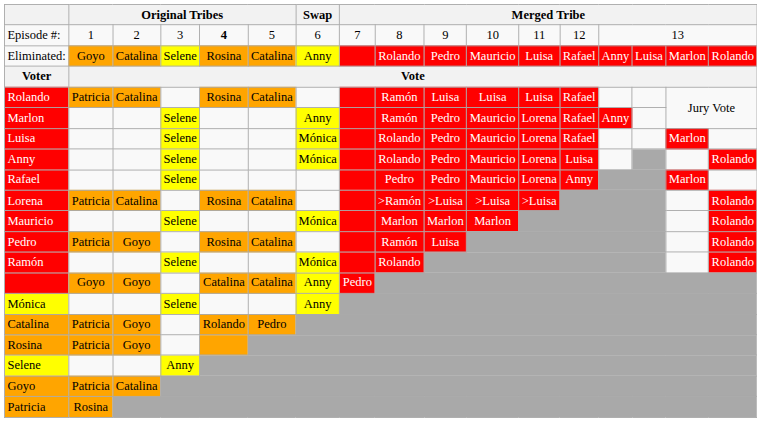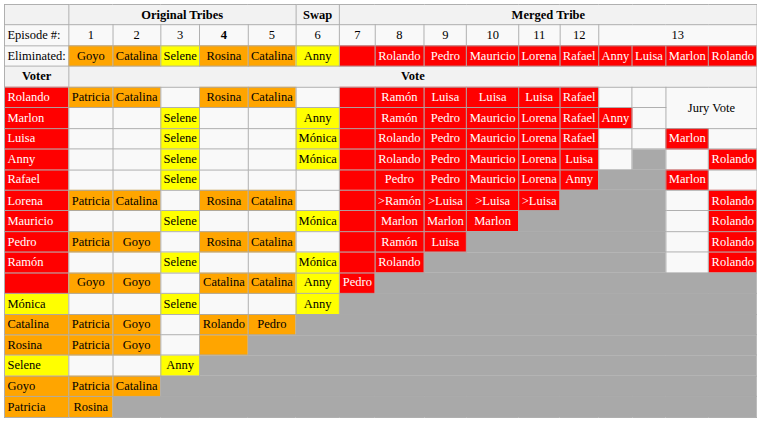 <table class="wikitable" style="font-size:85%; margin:auto;">
 <tr>
 <th></th>
 <th colspan="5" style="text-align:center">Original Tribes</th>
 <th colspan="1" style="text-align:center">Swap</th>
 <th colspan="10" style="text-align:center">Merged Tribe</th>
 </tr>
 <tr>
 <td>Episode #:</td>
 <td style="text-align:center">1</td>
 <td style="text-align:center">2</td>
 <td style="text-align:center">3</td>
 <td style="text-align:center"><strong>4</strong></td>
 <td style="text-align:center">5</td>
 <td style="text-align:center">6</td>
 <td style="text-align:center">7</td>
 <td style="text-align:center">8</td>
 <td style="text-align:center">9</td>
 <td style="text-align:center">10</td>
 <td style="text-align:center">11</td>
 <td style="text-align:center">12</td>
 <td style="text-align:center" colspan="4">13</td>
 </tr>
 <tr>
 <td>Eliminated:</td>
 <td style="text-align:center; background:orange">Goyo</td>
 <td style="text-align:center; background:orange">Catalina</td>
 <td style="text-align:center; background:yellow">Selene<br></td>
 <td style="text-align:center; background:orange">Rosina<br></td>
 <td style="text-align:center; background:orange">Catalina<br></td>
 <td style="text-align:center; background:yellow">Anny</td>
 <td style="text-align:center; background:red;color:white;"><br></td>
 <td style="text-align:center; background:red;color:white;">Rolando</td>
 <td style="text-align:center; background:red;color:white;">Pedro<br></td>
 <td style="text-align:center; background:red;color:white;">Mauricio<br></td>
-<td style="text-align:center; background:red;color:white;">Luisa</td>
+<td style="text-align:center; background:red;color:white;">Lorena<br></td>
 <td style="text-align:center; background:red;color:white;">Rafael<br></td>
 <td style="text-align:center; background:red;color:white;">Anny<br></td>
 <td style="text-align:center; background:red;color:white;">Luisa<br></td>
 <td style="text-align:center; background:red;color:white;">Marlon<br></td>
 <td style="text-align:center; background:red;color:white;">Rolando<br></td>
 </tr>
 <tr>
 <th>Voter</th>
 <th colspan="17" style="text-align:center">Vote</th>
 </tr>
 <tr>
 <td style="background:red;color:white;">Rolando</td>
 <td style="text-align:center; background:orange">Patricia</td>
 <td style="text-align:center; background:orange">Catalina</td>
 <td></td>
 <td style="text-align:center; background:orange">Rosina</td>
 <td style="text-align:center; background:orange">Catalina</td>
 <td></td>
 <td style="text-align:center; background:red;color:white;"></td>
 <td style="text-align:center; background:red;color:white;">Ramón</td>
 <td style="text-align:center; background:red;color:white;">Luisa</td>
 <td style="text-align:center; background:red;color:white;">Luisa</td>
 <td style="text-align:center; background:red;color:white;">Luisa</td>
 <td style="text-align:center; background:red;color:white;">Rafael</td>
 <td></td>
 <td></td>
 <td colspan="2" rowspan="2" style="text-align:center">Jury Vote</td>
 </tr>
 <tr>
 <td style="background:red;color:white;">Marlon</td>
 <td></td>
 <td></td>
 <td style="text-align:center; background:yellow">Selene</td>
 <td></td>
 <td></td>
 <td style="text-align:center; background:yellow">Anny</td>
 <td style="text-align:center; background:red;color:white;"></td>
 <td style="text-align:center; background:red;color:white;">Ramón</td>
 <td style="text-align:center; background:red;color:white;">Pedro</td>
 <td style="text-align:center; background:red;color:white;">Mauricio</td>
 <td style="text-align:center; background:red;color:white;">Lorena</td>
 <td style="text-align:center; background:red;color:white;">Rafael</td>
 <td style="text-align:center; background:red;color:white;">Anny</td>
 <td></td>
 </tr>
 <tr>
 <td style="background:red;color:white;">Luisa</td>
 <td></td>
 <td></td>
 <td style="text-align:center; background:yellow">Selene</td>
 <td></td>
 <td></td>
 <td style="text-align:center; background:yellow">Mónica</td>
 <td style="text-align:center; background:red;color:white;"></td>
 <td style="text-align:center; background:red;color:white;">Rolando</td>
 <td style="text-align:center; background:red;color:white;">Pedro</td>
 <td style="text-align:center; background:red;color:white;">Mauricio</td>
 <td style="text-align:center; background:red;color:white;">Lorena</td>
 <td style="text-align:center; background:red;color:white;">Rafael</td>
 <td></td>
 <td></td>
 <td style="text-align:center; background:red;color:white;">Marlon</td>
 <td></td>
 </tr>
 <tr>
 <td style="background:red;color:white;">Anny</td>
 <td></td>
 <td></td>
 <td style="text-align:center; background:yellow">Selene</td>
 <td></td>
 <td></td>
 <td style="text-align:center; background:yellow">Mónica</td>
 <td style="text-align:center; background:red;color:white;"></td>
 <td style="text-align:center; background:red;color:white;">Rolando</td>
 <td style="text-align:center; background:red;color:white;">Pedro</td>
 <td style="text-align:center; background:red;color:white;">Mauricio</td>
 <td style="text-align:center; background:red;color:white;">Lorena</td>
 <td style="text-align:center; background:red;color:white;">Luisa</td>
 <td></td>
 <td style="background:darkgray" colspan=1></td>
 <td></td>
 <td style="text-align:center; background:red;color:white;">Rolando</td>
 </tr>
 <tr>
 <td style="background:red;color:white;">Rafael</td>
 <td></td>
 <td></td>
 <td style="text-align:center; background:yellow">Selene</td>
 <td></td>
 <td></td>
 <td></td>
 <td style="text-align:center; background:red;color:white;"></td>
 <td style="text-align:center; background:red;color:white;">Pedro</td>
 <td style="text-align:center; background:red;color:white;">Pedro</td>
 <td style="text-align:center; background:red;color:white;">Mauricio</td>
 <td style="text-align:center; background:red;color:white;">Lorena</td>
 <td style="text-align:center; background:red;color:white;">Anny</td>
 <td style="background:darkgray" colspan=2></td>
 <td style="text-align:center; background:red;color:white;">Marlon</td>
 <td></td>
 </tr>
 <tr>
 <td style="background:red;color:white;">Lorena</td>
 <td style="text-align:center; background:orange">Patricia</td>
 <td style="text-align:center; background:orange">Catalina</td>
 <td></td>
 <td style="text-align:center; background:orange">Rosina</td>
 <td style="text-align:center; background:orange">Catalina</td>
 <td></td>
 <td style="text-align:center; background:red;color:white;"></td>
 <td style="text-align:center; background:red;color:white;">>Ramón</td>
 <td style="text-align:center; background:red;color:white;">>Luisa</td>
 <td style="text-align:center; background:red;color:white;">>Luisa</td>
 <td style="text-align:center; background:red;color:white;">>Luisa</td>
 <td style="background:darkgray" colspan=3></td>
 <td></td>
 <td style="text-align:center; background:red;color:white;">Rolando</td>
 </tr>
 <tr>
 <td style="background:red;color:white;">Mauricio</td>
 <td></td>
 <td></td>
 <td style="text-align:center; background:yellow">Selene</td>
 <td></td>
 <td></td>
 <td style="text-align:center; background:yellow">Mónica</td>
 <td style="text-align:center; background:red;color:white;"></td>
 <td style="text-align:center; background:red;color:white;">Marlon</td>
 <td style="text-align:center; background:red;color:white;">Marlon</td>
 <td style="text-align:center; background:red;color:white;">Marlon</td>
 <td style="background:darkgray" colspan=4></td>
 <td></td>
 <td style="text-align:center; background:red;color:white;">Rolando</td>
 </tr>
 <tr>
 <td style="background:red;color:white;">Pedro</td>
 <td style="text-align:center; background:orange">Patricia</td>
 <td style="text-align:center; background:orange">Goyo</td>
 <td></td>
 <td style="text-align:center; background:orange">Rosina</td>
 <td style="text-align:center; background:orange">Catalina</td>
 <td></td>
 <td style="text-align:center; background:red;color:white;"></td>
 <td style="text-align:center; background:red;color:white;">Ramón</td>
 <td style="text-align:center; background:red;color:white;">Luisa</td>
 <td style="background:darkgray" colspan=5></td>
 <td></td>
 <td style="text-align:center; background:red;color:white;">Rolando</td>
 </tr>
 <tr>
 <td style="background:red;color:white;">Ramón</td>
 <td></td>
 <td></td>
 <td style="text-align:center; background:yellow">Selene</td>
 <td></td>
 <td></td>
 <td style="text-align:center; background:yellow">Mónica</td>
 <td style="text-align:center; background:red;color:white;"></td>
 <td style="text-align:center; background:red;color:white;">Rolando</td>
 <td style="background:darkgray" colspan=6></td>
 <td></td>
 <td style="text-align:center; background:red;color:white;">Rolando</td>
 </tr>
 <tr>
 <td style="background:red;color:white;"></td>
 <td style="text-align:center; background:orange">Goyo</td>
 <td style="text-align:center; background:orange">Goyo</td>
 <td></td>
 <td style="text-align:center; background:orange">Catalina</td>
 <td style="text-align:center; background:orange">Catalina</td>
 <td style="text-align:center; background:yellow">Anny</td>
 <td style="text-align:center; background:red;color:white;">Pedro</td>
 <td style="background:darkgray" colspan=9></td>
 </tr>
 <tr>
 <td style="background:yellow">Mónica</td>
 <td></td>
 <td></td>
 <td style="text-align:center; background:yellow">Selene</td>
 <td></td>
 <td></td>
 <td style="text-align:center; background:yellow">Anny</td>
 <td style="background:darkgray" colspan=10></td>
 </tr>
 <tr>
 <td style="background:orange">Catalina</td>
 <td style="text-align:center; background:orange">Patricia</td>
 <td style="text-align:center; background:orange">Goyo</td>
 <td></td>
 <td style="text-align:center; background:orange">Rolando</td>
 <td style="text-align:center; background:orange">Pedro</td>
 <td style="background:darkgray" colspan=11></td>
 </tr>
 <tr>
 <td style="background:orange">Rosina</td>
 <td style="text-align:center; background:orange">Patricia</td>
 <td style="text-align:center; background:orange">Goyo</td>
 <td></td>
 <td style="text-align:center; background:orange"></td>
 <td style="background:darkgray" colspan=12></td>
 </tr>
 <tr>
 <td style="background:yellow">Selene</td>
 <td></td>
 <td></td>
 <td style="text-align:center; background:yellow">Anny</td>
 <td style="background:darkgray" colspan=13></td>
 </tr>
 <tr>
 <td style="background:orange">Goyo</td>
 <td style="text-align:center; background:orange">Patricia</td>
 <td style="text-align:center; background:orange">Catalina</td>
 <td style="background:darkgray" colspan=14></td>
 </tr>
 <tr>
 <td style="background:orange">Patricia</td>
 <td style="text-align:center; background:orange">Rosina</td>
 <td style="background:darkgray" colspan=15></td>
 </tr>
 </table>
